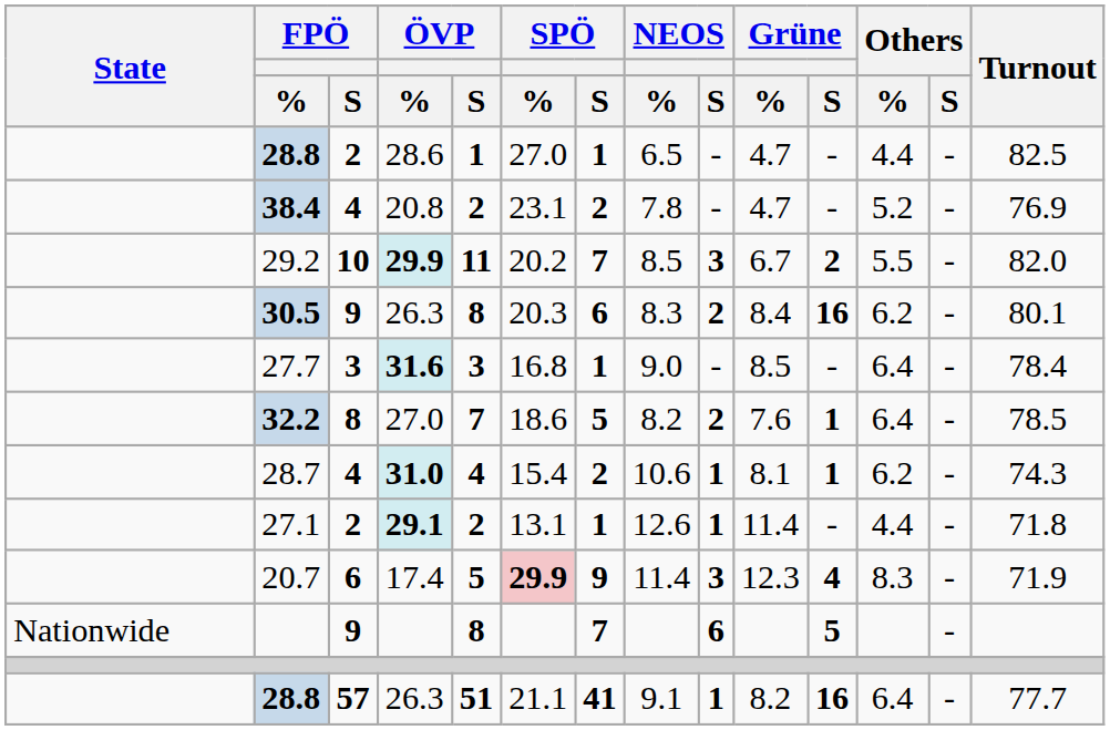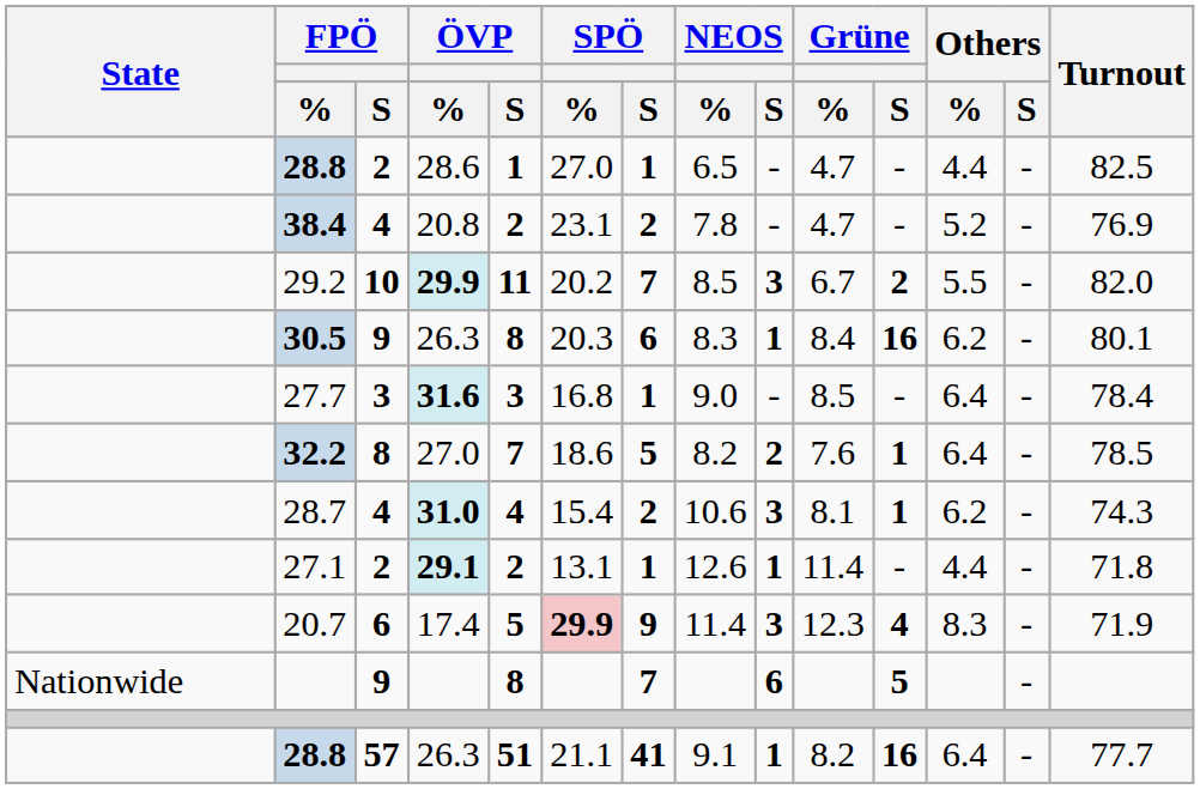 <table class="wikitable sortable" style="text-align:center;font-size:90%;line-height:16px">
 <tr>
 <th style="width:100px;" rowspan="3"><a href='#'>State</a></th>
 <th colspan="2" style="width:40px;" class="unsortable"><a href='#'>FPÖ</a></th>
 <th colspan="2" style="width:40px;" class="unsortable"><a href='#'>ÖVP</a></th>
 <th colspan="2" style="width:40px;" class="unsortable"><a href='#'>SPÖ</a></th>
 <th colspan="2" style="width:40px;" class="unsortable"><a href='#'>NEOS</a></th>
 <th colspan="2" style="width:40px;" class="unsortable"><a href='#'>Grüne</a></th>
 <th colspan="2" rowspan="2" style="width:40px;">Others</th>
 <th rowspan="3" style="width:40px;">Turnout</th>
 </tr>
 <tr>
 <th colspan="2" style="background:"></th>
 <th colspan="2" style="background:"></th>
 <th colspan="2" style="background:"></th>
 <th colspan="2" style="background:"></th>
 <th colspan="2" style="background:"></th>
 </tr>
 <tr>
 <th>%</th>
 <th>S</th>
 <th>%</th>
 <th>S</th>
 <th>%</th>
 <th>S</th>
 <th>%</th>
 <th>S</th>
 <th>%</th>
 <th>S</th>
 <th>%</th>
 <th>S</th>
 </tr>
 <tr>
 <td align="left"></td>
 <td bgcolor=#C6D9EA><strong>28.8</strong></td>
 <td><strong>2</strong></td>
 <td>28.6</td>
 <td><strong>1</strong></td>
 <td>27.0</td>
 <td><strong>1</strong></td>
 <td>6.5</td>
 <td>-</td>
 <td>4.7</td>
 <td>-</td>
 <td>4.4</td>
 <td>-</td>
 <td>82.5</td>
 </tr>
 <tr>
 <td align="left"></td>
 <td bgcolor=#C6D9EA><strong>38.4</strong></td>
 <td><strong>4</strong></td>
 <td>20.8</td>
 <td><strong>2</strong></td>
 <td>23.1</td>
 <td><strong>2</strong></td>
 <td>7.8</td>
 <td>-</td>
 <td>4.7</td>
 <td>-</td>
 <td>5.2</td>
 <td>-</td>
 <td>76.9</td>
 </tr>
 <tr>
 <td align="left"></td>
 <td>29.2</td>
 <td><strong>10</strong></td>
 <td bgcolor=#D2EDF1><strong>29.9</strong></td>
 <td><strong>11</strong></td>
 <td>20.2</td>
 <td><strong>7</strong></td>
 <td>8.5</td>
 <td><strong>3</strong></td>
 <td>6.7</td>
 <td><strong>2</strong></td>
 <td>5.5</td>
 <td>-</td>
 <td>82.0</td>
 </tr>
 <tr>
 <td align="left"></td>
 <td bgcolor=#C6D9EA><strong>30.5</strong></td>
 <td><strong>9</strong></td>
 <td>26.3</td>
 <td><strong>8</strong></td>
 <td>20.3</td>
 <td><strong>6</strong></td>
 <td>8.3</td>
-<td><strong>2</strong></td>
+<td><strong>1</strong></td>
 <td>8.4</td>
 <td><strong>16</strong></td>
 <td>6.2</td>
 <td>-</td>
 <td>80.1</td>
 </tr>
 <tr>
 <td align="left"></td>
 <td>27.7</td>
 <td><strong>3</strong></td>
 <td bgcolor=#D2EDF1><strong>31.6</strong></td>
 <td><strong>3</strong></td>
 <td>16.8</td>
 <td><strong>1</strong></td>
 <td>9.0</td>
 <td>-</td>
 <td>8.5</td>
 <td>-</td>
 <td>6.4</td>
 <td>-</td>
 <td>78.4</td>
 </tr>
 <tr>
 <td align="left"></td>
 <td bgcolor=#C6D9EA><strong>32.2</strong></td>
 <td><strong>8</strong></td>
 <td>27.0</td>
 <td><strong>7</strong></td>
 <td>18.6</td>
 <td><strong>5</strong></td>
 <td>8.2</td>
 <td><strong>2</strong></td>
 <td>7.6</td>
 <td><strong>1</strong></td>
 <td>6.4</td>
 <td>-</td>
 <td>78.5</td>
 </tr>
 <tr>
 <td align="left"></td>
 <td>28.7</td>
 <td><strong>4</strong></td>
 <td bgcolor=#D2EDF1><strong>31.0</strong></td>
 <td><strong>4</strong></td>
 <td>15.4</td>
 <td><strong>2</strong></td>
 <td>10.6</td>
-<td><strong>1</strong></td>
+<td><strong>3</strong></td>
 <td>8.1</td>
 <td><strong>1</strong></td>
 <td>6.2</td>
 <td>-</td>
 <td>74.3</td>
 </tr>
 <tr>
 <td align="left"></td>
 <td>27.1</td>
 <td><strong>2</strong></td>
 <td bgcolor=#D2EDF1><strong>29.1</strong></td>
 <td><strong>2</strong></td>
 <td>13.1</td>
 <td><strong>1</strong></td>
 <td>12.6</td>
 <td><strong>1</strong></td>
 <td>11.4</td>
 <td>-</td>
 <td>4.4</td>
 <td>-</td>
 <td>71.8</td>
 </tr>
 <tr>
 <td align="left"></td>
 <td>20.7</td>
 <td><strong>6</strong></td>
 <td>17.4</td>
 <td><strong>5</strong></td>
 <td bgcolor=#F4C6C9><strong>29.9</strong></td>
 <td><strong>9</strong></td>
 <td>11.4</td>
 <td><strong>3</strong></td>
 <td>12.3</td>
 <td><strong>4</strong></td>
 <td>8.3</td>
 <td>-</td>
 <td>71.9</td>
 </tr>
 <tr>
 <td align="left">Nationwide</td>
 <td></td>
 <td><strong>9</strong></td>
 <td></td>
 <td><strong>8</strong></td>
 <td></td>
 <td><strong>7</strong></td>
 <td></td>
 <td><strong>6</strong></td>
 <td></td>
 <td><strong>5</strong></td>
 <td></td>
 <td>-</td>
 <td></td>
 </tr>
 <tr>
 <td colspan="14" bgcolor="lightgrey"></td>
 </tr>
 <tr>
 <td align="left"></td>
 <td bgcolor=#C6D9EA><strong>28.8</strong></td>
 <td><strong>57</strong></td>
 <td>26.3</td>
 <td><strong>51</strong></td>
 <td>21.1</td>
 <td><strong>41</strong></td>
 <td>9.1</td>
 <td><strong>1</strong></td>
 <td>8.2</td>
 <td><strong>16</strong></td>
 <td>6.4</td>
 <td>-</td>
 <td>77.7</td>
 </tr>
 </table>
